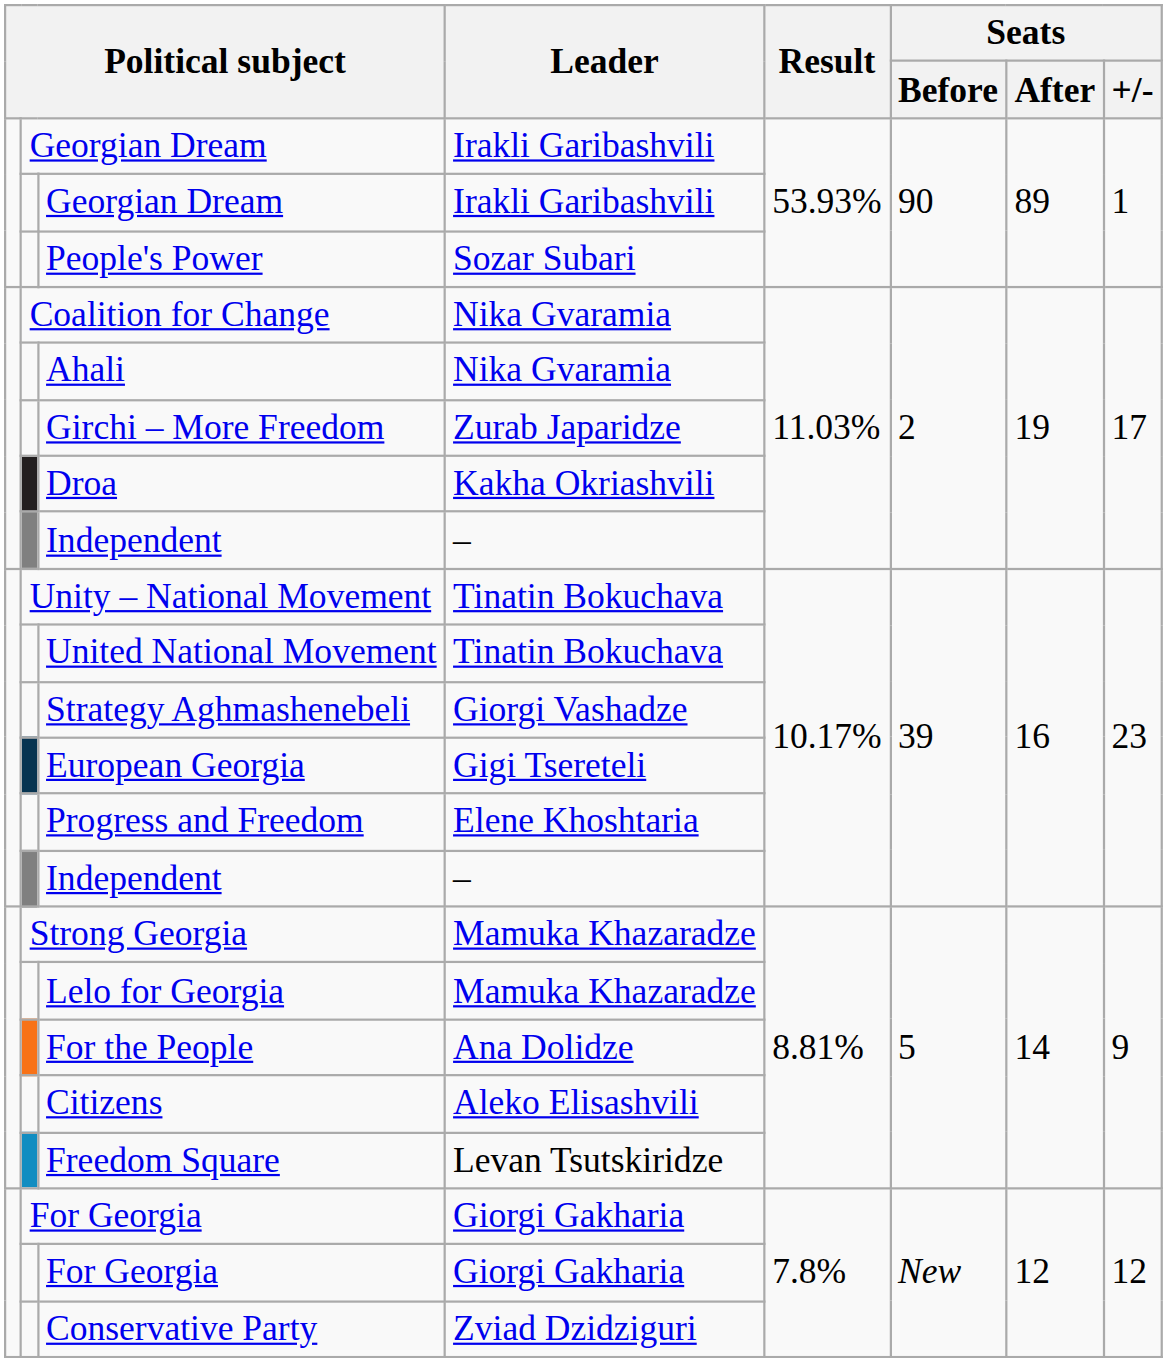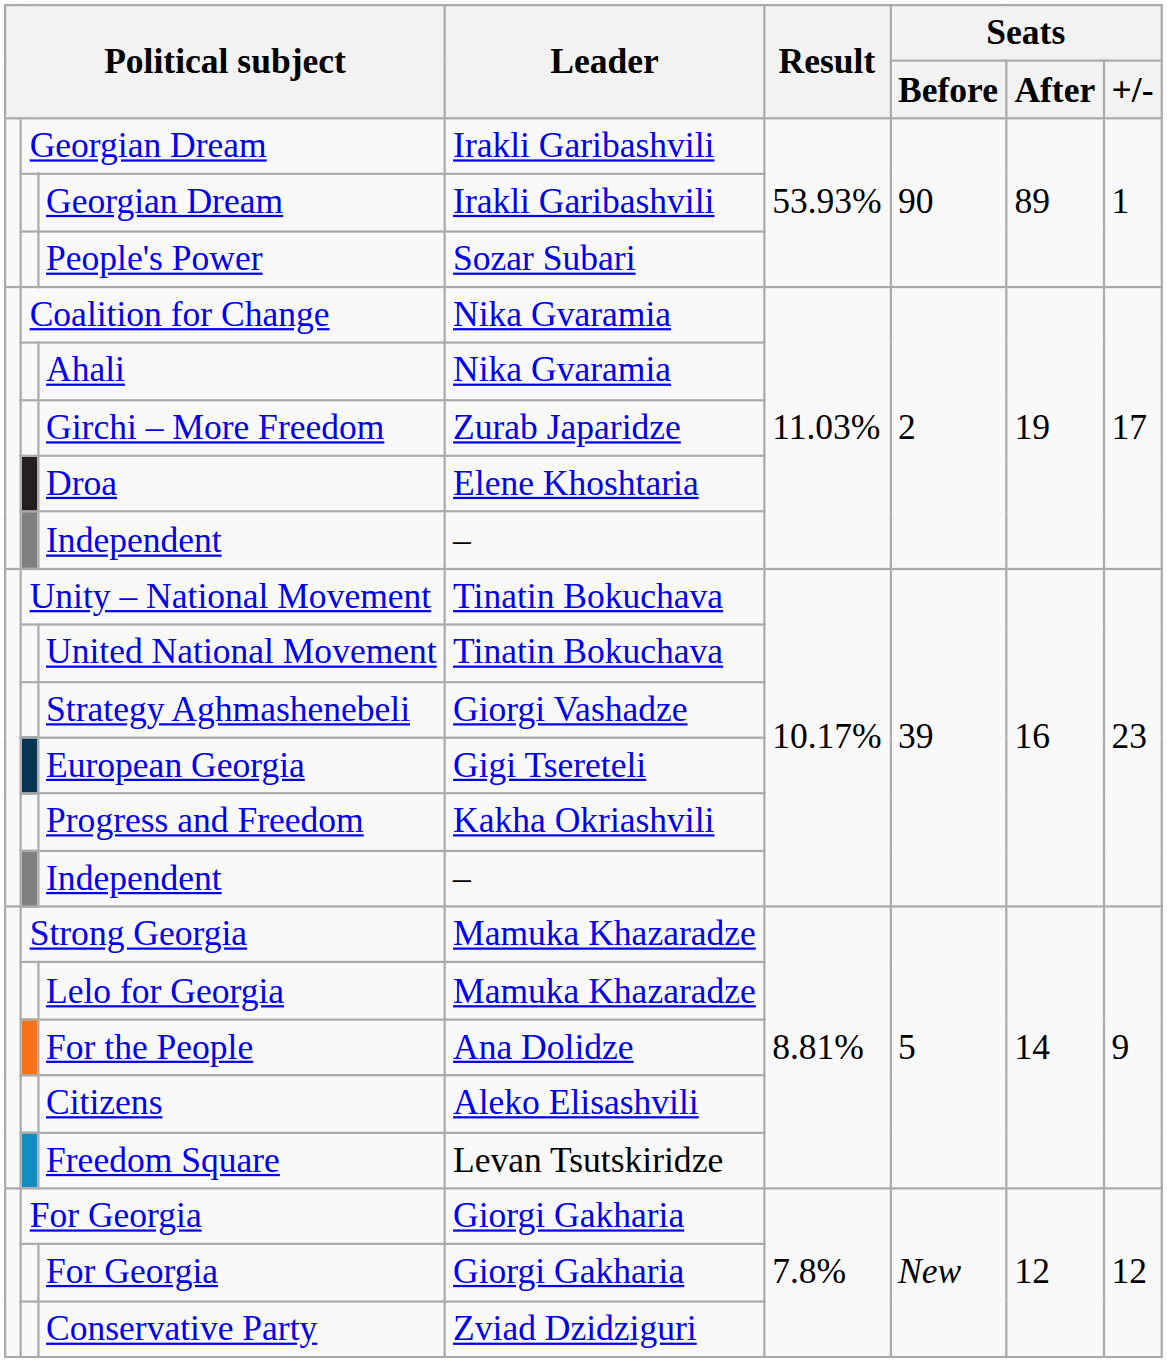 <table class="wikitable">
 <tr>
 <th colspan="4" rowspan="2">Political subject</th>
 <th rowspan="2">Leader</th>
 <th rowspan="2">Result</th>
 <th colspan="3">Seats</th>
 </tr>
 <tr>
 <th>Before</th>
 <th>After</th>
 <th>+/-</th>
 </tr>
 <tr>
 <td rowspan="3" style="background:"></td>
 <td colspan="3"><a href='#'>Georgian Dream</a></td>
 <td><a href='#'>Irakli Garibashvili</a></td>
 <td rowspan="3">53.93%</td>
 <td rowspan="3">90</td>
 <td rowspan="3">89</td>
 <td rowspan="3"> 1</td>
 </tr>
 <tr>
 <td style="background:"></td>
 <td colspan="2"><a href='#'>Georgian Dream</a></td>
 <td><a href='#'>Irakli Garibashvili</a></td>
 </tr>
 <tr>
 <td style="background:"></td>
 <td colspan="2"><a href='#'>People's Power</a></td>
 <td><a href='#'>Sozar Subari</a></td>
 </tr>
 <tr>
 <td rowspan="5" style="background:"></td>
 <td colspan="3"><a href='#'>Coalition for Change</a></td>
 <td><a href='#'>Nika Gvaramia</a></td>
 <td rowspan="5">11.03%</td>
 <td rowspan="5">2</td>
 <td rowspan="5">19</td>
 <td rowspan="5"> 17</td>
 </tr>
 <tr>
 <td colspan="2" style="background: "></td>
 <td><a href='#'>Ahali</a></td>
 <td><a href='#'>Nika Gvaramia</a></td>
 </tr>
 <tr>
 <td colspan="2" style="background:"></td>
 <td><a href='#'>Girchi – More Freedom</a></td>
 <td><a href='#'>Zurab Japaridze</a></td>
 </tr>
 <tr>
 <td colspan="2" style="background:#231F20 "></td>
 <td><a href='#'>Droa</a></td>
-<td><a href='#'>Kakha Okriashvili</a></td>
+<td><a href='#'>Elene Khoshtaria</a></td>
 </tr>
 <tr>
 <td colspan="2" style="background:gray "></td>
 <td><a href='#'>Independent</a></td>
 <td>–</td>
 </tr>
 <tr>
 <td rowspan="6" style="background:"></td>
 <td colspan="3"><a href='#'>Unity – National Movement</a></td>
 <td><a href='#'>Tinatin Bokuchava</a></td>
 <td rowspan="6">10.17%</td>
 <td rowspan="6">39</td>
 <td rowspan="6">16</td>
 <td rowspan="6"> 23</td>
 </tr>
 <tr>
 <td colspan="2" style="background: "></td>
 <td><a href='#'>United National Movement</a></td>
 <td><a href='#'>Tinatin Bokuchava</a></td>
 </tr>
 <tr>
 <td colspan="2" style="background:"></td>
 <td><a href='#'>Strategy Aghmashenebeli</a></td>
 <td><a href='#'>Giorgi Vashadze</a></td>
 </tr>
 <tr>
 <td colspan="2" style="background:#073451 "></td>
 <td><a href='#'>European Georgia</a></td>
 <td><a href='#'>Gigi Tsereteli</a></td>
 </tr>
 <tr>
 <td colspan="2" style="background:"></td>
 <td><a href='#'>Progress and Freedom</a></td>
-<td><a href='#'>Elene Khoshtaria</a></td>
+<td><a href='#'>Kakha Okriashvili</a></td>
 </tr>
 <tr>
 <td colspan="2" style="background:gray "></td>
 <td><a href='#'>Independent</a></td>
 <td>–</td>
 </tr>
 <tr>
 <td rowspan="5" style="background:"></td>
 <td colspan="3"><a href='#'>Strong Georgia</a></td>
 <td><a href='#'>Mamuka Khazaradze</a></td>
 <td rowspan="5">8.81%</td>
 <td rowspan="5">5</td>
 <td rowspan="5">14</td>
 <td rowspan="5"> 9</td>
 </tr>
 <tr>
 <td colspan="2" style="background: "></td>
 <td><a href='#'>Lelo for Georgia</a></td>
 <td><a href='#'>Mamuka Khazaradze</a></td>
 </tr>
 <tr>
 <td colspan="2" style="background:#F87217"></td>
 <td><a href='#'>For the People</a></td>
 <td><a href='#'>Ana Dolidze</a></td>
 </tr>
 <tr>
 <td colspan="2" style="background: "></td>
 <td><a href='#'>Citizens</a></td>
 <td><a href='#'>Aleko Elisashvili</a></td>
 </tr>
 <tr>
 <td colspan="2" style="background: #118dc1"></td>
 <td><a href='#'>Freedom Square</a></td>
 <td>Levan Tsutskiridze</td>
 </tr>
 <tr>
 <td rowspan="3" style="background:"></td>
 <td colspan="3"><a href='#'>For Georgia</a></td>
 <td><a href='#'>Giorgi Gakharia</a></td>
 <td rowspan="3">7.8%</td>
 <td rowspan="3"><em>New</em></td>
 <td rowspan="3">12</td>
 <td rowspan="3"> 12</td>
 </tr>
 <tr>
 <td colspan="2" style="background:"></td>
 <td><a href='#'>For Georgia</a></td>
 <td><a href='#'>Giorgi Gakharia</a></td>
 </tr>
 <tr>
 <td colspan="2" style="background:"></td>
 <td><a href='#'>Conservative Party</a></td>
 <td><a href='#'>Zviad Dzidziguri</a></td>
 </tr>
 <tr>
 </tr>
 </table>
